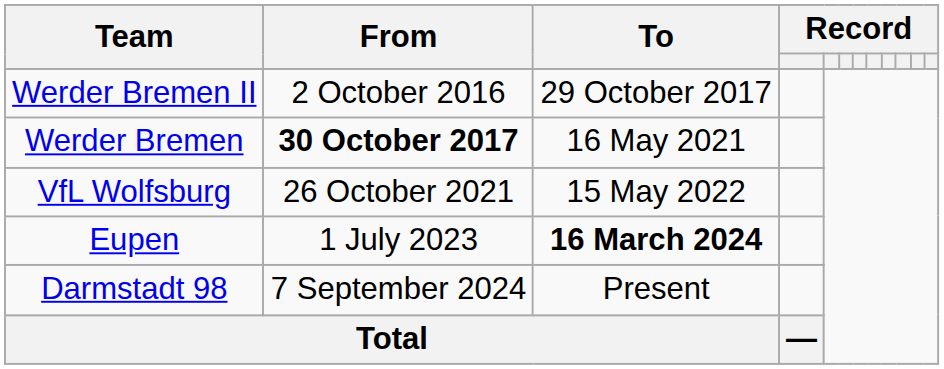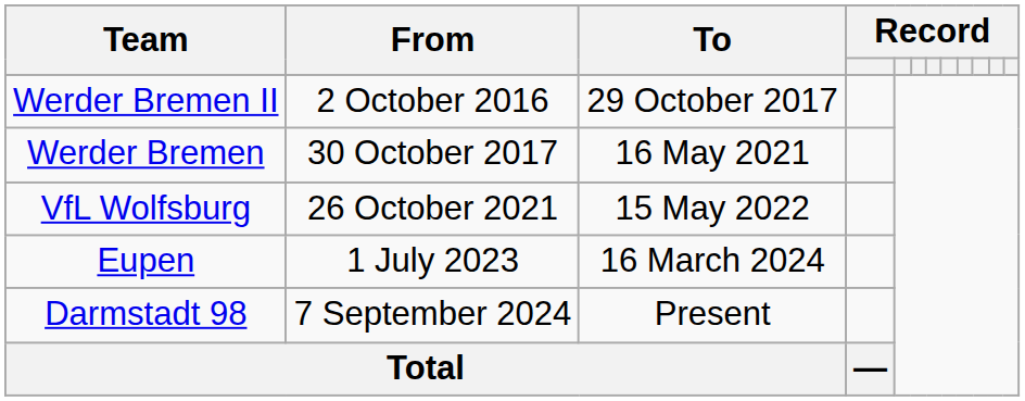 <table class="wikitable" style="text-align: center">
 <tr>
 <th rowspan="2">Team</th>
 <th rowspan="2">From</th>
 <th rowspan="2">To</th>
 <th colspan="9">Record</th>
 </tr>
 <tr>
 <th></th>
 <th></th>
 <th></th>
 <th></th>
 <th></th>
 <th></th>
 <th></th>
 <th></th>
 <th></th>
 </tr>
 <tr>
 <td><a href='#'>Werder Bremen II</a></td>
 <td>2 October 2016</td>
 <td>29 October 2017<br></td>
 <td></td>
 </tr>
 <tr>
 <td><a href='#'>Werder Bremen</a></td>
-<td><strong>30 October 2017</strong></td>
+<td>30 October 2017</td>
 <td>16 May 2021<br></td>
 <td></td>
 </tr>
 <tr>
 <td><a href='#'>VfL Wolfsburg</a></td>
 <td>26 October 2021</td>
 <td>15 May 2022<br></td>
 <td></td>
 </tr>
 <tr>
 <td><a href='#'>Eupen</a></td>
 <td>1 July 2023</td>
-<td><strong>16 March 2024<br></strong></td>
+<td>16 March 2024<br></td>
 <td></td>
 </tr>
 <tr>
 <td><a href='#'>Darmstadt 98</a></td>
 <td>7 September 2024</td>
 <td>Present<br></td>
 <td></td>
 </tr>
 <tr>
 <th colspan="3">Total<br></th>
 <th>—</th>
 </tr>
 </table>
